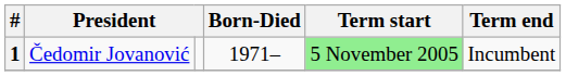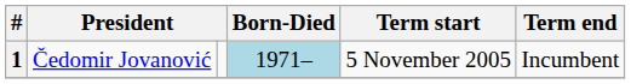 <table class="wikitable" style="text-align:center">
 <tr ->
 <th>#</th>
 <th colspan="2">President</th>
 <th>Born-Died</th>
 <th>Term start</th>
 <th>Term end</th>
 </tr>
 <tr ->
 <th style="background:">1</th>
 <td><a href='#'>Čedomir Jovanović</a></td>
 <td></td>
-<td>1971–</td>
-<td style="background: lightgreen;">5 November 2005</td>
+<td style="background: lightblue;">1971–</td>
+<td>5 November 2005</td>
 <td>Incumbent</td>
 </tr>
 <tr ->
 </tr>
 </table>
